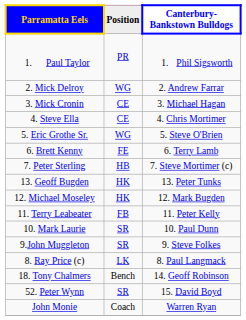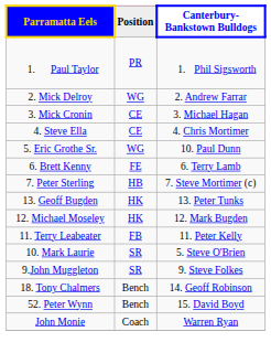 <table align="right" class="wikitable" style="font-size:90%; margin-left:1em">
 <tr bgcolor="#FF0033">
 <th style="width:140px; border:3px solid gold; background: blue; color: gold">Parramatta Eels</th>
 <th style="width:40px; text-align:center; background:#eee; color:black;">Position</th>
 <th style="width:140px; border:3px solid blue; background: white; color: blue">Canterbury-Bankstown Bulldogs</th>
 </tr>
 <tr align=center>
 <td><br><ol><li><a href='#'>Paul Taylor</a></li></ol></td>
 <td><a href='#'>PR</a></td>
 <td><br><ol><li><a href='#'>Phil Sigsworth</a></li></ol></td>
 </tr>
 <tr align=center>
 <td>2. <a href='#'>Mick Delroy</a></td>
 <td><a href='#'>WG</a></td>
 <td>2. <a href='#'>Andrew Farrar</a></td>
 </tr>
 <tr align=center>
 <td>3. <a href='#'>Mick Cronin</a></td>
 <td><a href='#'>CE</a></td>
 <td>3. <a href='#'>Michael Hagan</a></td>
 </tr>
 <tr align=center>
 <td>4. <a href='#'>Steve Ella</a></td>
 <td><a href='#'>CE</a></td>
 <td>4. <a href='#'>Chris Mortimer</a></td>
 </tr>
 <tr align=center>
 <td>5. <a href='#'>Eric Grothe Sr.</a></td>
 <td><a href='#'>WG</a></td>
-<td>5. <a href='#'>Steve O'Brien</a></td>
+<td>10. <a href='#'>Paul Dunn</a></td>
 </tr>
 <tr align=center>
 <td>6. <a href='#'>Brett Kenny</a></td>
 <td><a href='#'>FE</a></td>
 <td>6. <a href='#'>Terry Lamb</a></td>
 </tr>
 <tr align=center>
 <td>7. <a href='#'>Peter Sterling</a></td>
 <td><a href='#'>HB</a></td>
 <td>7. <a href='#'>Steve Mortimer</a> (c)</td>
 </tr>
 <tr align=center>
 <td>13. <a href='#'>Geoff Bugden</a></td>
 <td><a href='#'>HK</a></td>
 <td>13. <a href='#'>Peter Tunks</a></td>
 </tr>
 <tr align=center>
 <td>12. <a href='#'>Michael Moseley</a></td>
 <td><a href='#'>HK</a></td>
 <td>12. <a href='#'>Mark Bugden</a></td>
 </tr>
 <tr align=center>
 <td>11. <a href='#'>Terry Leabeater</a></td>
 <td><a href='#'>FB</a></td>
 <td>11. <a href='#'>Peter Kelly</a></td>
 </tr>
 <tr align=center>
 <td>10. <a href='#'>Mark Laurie</a></td>
 <td><a href='#'>SR</a></td>
-<td>10. <a href='#'>Paul Dunn</a></td>
+<td>5. <a href='#'>Steve O'Brien</a></td>
 </tr>
 <tr align=center>
 <td>9.<a href='#'>John Muggleton</a></td>
 <td><a href='#'>SR</a></td>
 <td>9. <a href='#'>Steve Folkes</a></td>
-</tr>
-<tr align=center>
-<td>8. <a href='#'>Ray Price</a> (c)</td>
-<td><a href='#'>LK</a></td>
-<td>8. <a href='#'>Paul Langmack</a></td>
 </tr>
 <tr align=center>
 <td>18. <a href='#'>Tony Chalmers</a></td>
 <td>Bench</td>
 <td>14. <a href='#'>Geoff Robinson</a></td>
 </tr>
 <tr align=center>
 <td>52. <a href='#'>Peter Wynn</a></td>
-<td><a href='#'>SR</a></td>
+<td>Bench</td>
 <td>15. <a href='#'>David Boyd</a></td>
 </tr>
 <tr align=center>
 <td><a href='#'>John Monie</a></td>
 <td>Coach</td>
 <td><a href='#'>Warren Ryan</a></td>
 </tr>
 <tr>
 </tr>
 </table>
